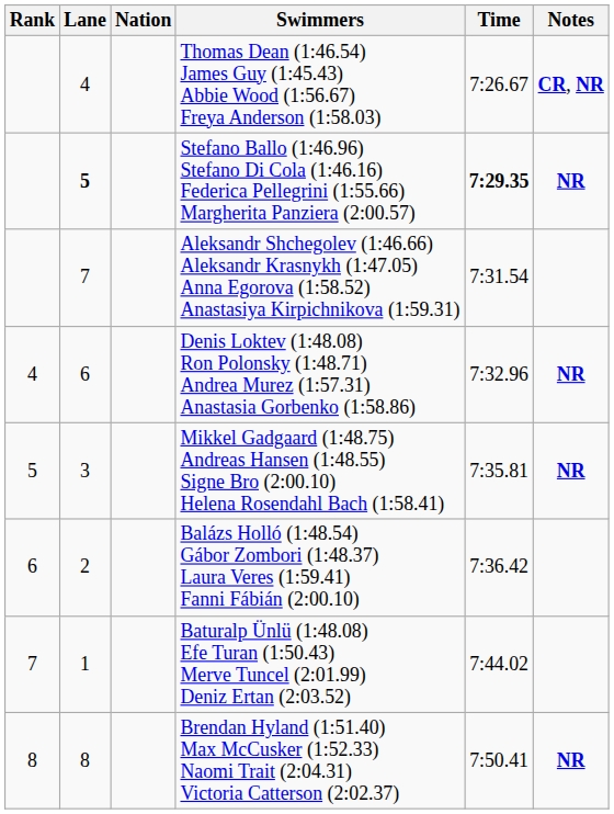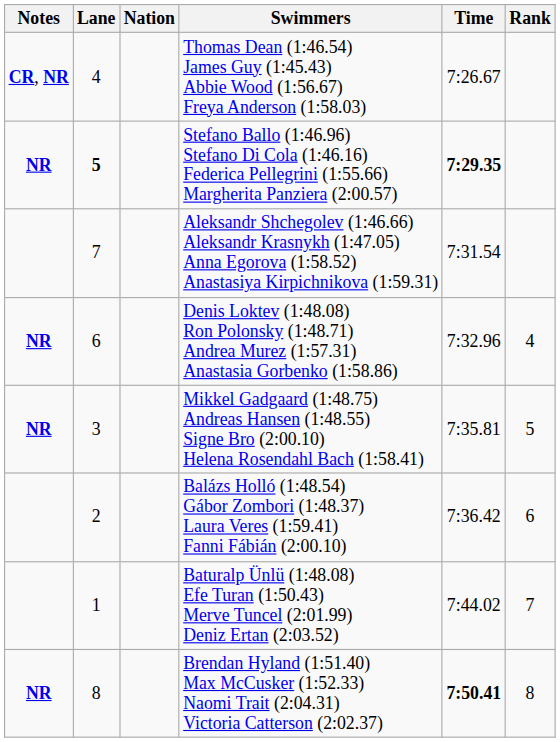 <table class="wikitable sortable" style="text-align:center">
 <tr>
-<th>Rank</th>
+<th>Notes</th>
 <th>Lane</th>
 <th>Nation</th>
 <th>Swimmers</th>
 <th>Time</th>
-<th>Notes</th>
+<th>Rank</th>
 </tr>
 <tr>
-<td></td>
+<td><strong><a href='#'>CR</a></strong>, <strong><a href='#'>NR</a></strong></td>
 <td>4</td>
 <td align=left></td>
 <td align=left><a href='#'>Thomas Dean</a> (1:46.54)<br><a href='#'>James Guy</a> (1:45.43)<br><a href='#'>Abbie Wood</a> (1:56.67)<br><a href='#'>Freya Anderson</a> (1:58.03)</td>
 <td>7:26.67</td>
-<td><strong><a href='#'>CR</a></strong>, <strong><a href='#'>NR</a></strong></td>
+<td></td>
 </tr>
 <tr>
-<td></td>
+<td><strong><a href='#'>NR</a></strong></td>
 <td><strong>5</strong></td>
 <td align=left></td>
 <td align=left><a href='#'>Stefano Ballo</a> (1:46.96)<br><a href='#'>Stefano Di Cola</a> (1:46.16)<br><a href='#'>Federica Pellegrini</a> (1:55.66)<br><a href='#'>Margherita Panziera</a> (2:00.57)</td>
 <td><strong>7:29.35</strong></td>
-<td><strong><a href='#'>NR</a></strong></td>
+<td></td>
 </tr>
 <tr>
 <td></td>
 <td>7</td>
 <td align=left></td>
 <td align=left><a href='#'>Aleksandr Shchegolev</a> (1:46.66)<br><a href='#'>Aleksandr Krasnykh</a> (1:47.05)<br><a href='#'>Anna Egorova</a> (1:58.52)<br><a href='#'>Anastasiya Kirpichnikova</a> (1:59.31)</td>
 <td>7:31.54</td>
 <td></td>
 </tr>
 <tr>
-<td>4</td>
+<td><strong><a href='#'>NR</a></strong></td>
 <td>6</td>
 <td align=left></td>
 <td align=left><a href='#'>Denis Loktev</a> (1:48.08)<br><a href='#'>Ron Polonsky</a> (1:48.71)<br><a href='#'>Andrea Murez</a> (1:57.31)<br><a href='#'>Anastasia Gorbenko</a> (1:58.86)</td>
 <td>7:32.96</td>
-<td><strong><a href='#'>NR</a></strong></td>
+<td>4</td>
 </tr>
 <tr>
-<td>5</td>
+<td><strong><a href='#'>NR</a></strong></td>
 <td>3</td>
 <td align=left></td>
 <td align=left><a href='#'>Mikkel Gadgaard</a> (1:48.75)<br><a href='#'>Andreas Hansen</a> (1:48.55)<br><a href='#'>Signe Bro</a> (2:00.10)<br><a href='#'>Helena Rosendahl Bach</a> (1:58.41)</td>
 <td>7:35.81</td>
-<td><strong><a href='#'>NR</a></strong></td>
+<td>5</td>
 </tr>
 <tr>
-<td>6</td>
+<td></td>
 <td>2</td>
 <td align=left></td>
 <td align=left><a href='#'>Balázs Holló</a> (1:48.54)<br><a href='#'>Gábor Zombori</a> (1:48.37)<br><a href='#'>Laura Veres</a> (1:59.41)<br><a href='#'>Fanni Fábián</a> (2:00.10)</td>
 <td>7:36.42</td>
-<td></td>
+<td>6</td>
 </tr>
 <tr>
-<td>7</td>
+<td></td>
 <td>1</td>
 <td align=left></td>
 <td align=left><a href='#'>Baturalp Ünlü</a> (1:48.08)<br><a href='#'>Efe Turan</a> (1:50.43)<br><a href='#'>Merve Tuncel</a> (2:01.99)<br><a href='#'>Deniz Ertan</a> (2:03.52)</td>
 <td>7:44.02</td>
-<td></td>
+<td>7</td>
 </tr>
 <tr>
-<td>8</td>
+<td><strong><a href='#'>NR</a></strong></td>
 <td>8</td>
 <td align=left></td>
 <td align=left><a href='#'>Brendan Hyland</a> (1:51.40)<br><a href='#'>Max McCusker</a> (1:52.33)<br><a href='#'>Naomi Trait</a> (2:04.31)<br><a href='#'>Victoria Catterson</a> (2:02.37)</td>
-<td>7:50.41</td>
-<td><strong><a href='#'>NR</a></strong></td>
+<td><strong>7:50.41</strong></td>
+<td>8</td>
 </tr>
 </table>
